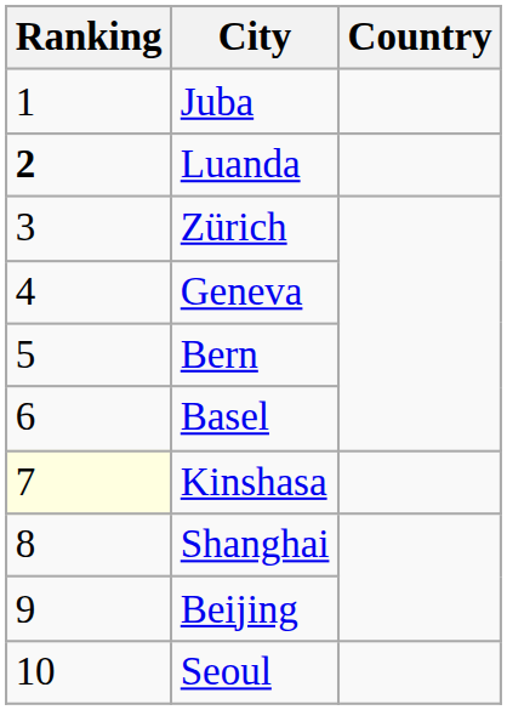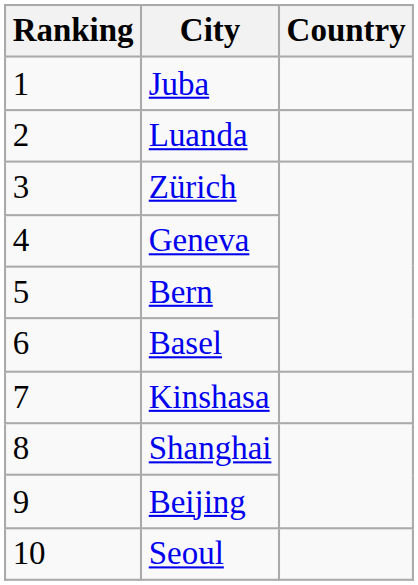 <table class="wikitable sortable">
 <tr>
 <th scope="col">Ranking</th>
 <th scope="col">City</th>
 <th scope="col">Country</th>
 </tr>
 <tr>
 <td>1</td>
 <td><a href='#'>Juba</a></td>
 <td></td>
 </tr>
 <tr>
-<td><strong>2</strong></td>
+<td>2</td>
 <td><a href='#'>Luanda</a></td>
 <td></td>
 </tr>
 <tr>
 <td>3</td>
 <td><a href='#'>Zürich</a></td>
 <td rowspan="4"></td>
 </tr>
 <tr>
 <td>4</td>
 <td><a href='#'>Geneva</a></td>
 </tr>
 <tr>
 <td>5</td>
 <td><a href='#'>Bern</a></td>
 </tr>
 <tr>
 <td>6</td>
 <td><a href='#'>Basel</a></td>
 </tr>
 <tr>
-<td style="background: lightyellow;">7</td>
+<td>7</td>
 <td><a href='#'>Kinshasa</a></td>
 <td></td>
 </tr>
 <tr>
 <td>8</td>
 <td><a href='#'>Shanghai</a></td>
 <td rowspan="2"></td>
 </tr>
 <tr>
 <td>9</td>
 <td><a href='#'>Beijing</a></td>
 </tr>
 <tr>
 <td>10</td>
 <td><a href='#'>Seoul</a></td>
 <td></td>
 </tr>
 </table>
